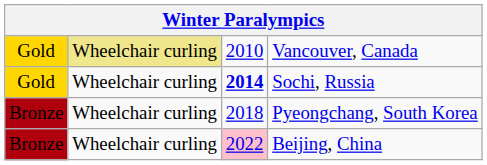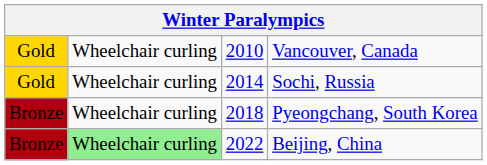 <table class="wikitable" style="font-size: 95%;">
 <tr>
 <th colspan=4><a href='#'>Winter Paralympics</a></th>
 </tr>
 <tr>
 <td bgcolor="gold" align="center">Gold</td>
-<td style="background: khaki;">Wheelchair curling</td>
+<td>Wheelchair curling</td>
 <td><a href='#'>2010</a></td>
 <td> <a href='#'>Vancouver</a>, <a href='#'>Canada</a></td>
 </tr>
 <tr>
 <td bgcolor="gold" align="center">Gold</td>
 <td>Wheelchair curling</td>
-<td><strong><a href='#'>2014</a></strong></td>
+<td><a href='#'>2014</a></td>
 <td> <a href='#'>Sochi</a>, <a href='#'>Russia</a></td>
 </tr>
 <tr>
 <td bgcolor="bronze" align="center">Bronze</td>
 <td>Wheelchair curling</td>
 <td><a href='#'>2018</a></td>
 <td> <a href='#'>Pyeongchang</a>, <a href='#'>South Korea</a></td>
 </tr>
 <tr>
 <td bgcolor="bronze" align="center">Bronze</td>
-<td>Wheelchair curling</td>
-<td style="background: pink;"><a href='#'>2022</a></td>
+<td style="background: lightgreen;">Wheelchair curling</td>
+<td><a href='#'>2022</a></td>
 <td> <a href='#'>Beijing</a>, <a href='#'>China</a></td>
 </tr>
 </table>
